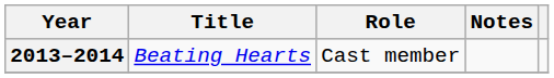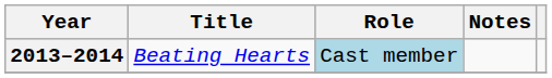 <table class="wikitable sortable plainrowheaders">
 <tr>
 <th scope="col">Year</th>
 <th scope="col">Title</th>
 <th scope="col">Role</th>
 <th scope="col">Notes</th>
 <th scope="col" class="unsortable"></th>
 </tr>
 <tr>
 <th scope="row">2013–2014</th>
 <td><em><a href='#'>Beating Hearts</a></em></td>
-<td>Cast member</td>
+<td style="background: lightblue;">Cast member</td>
 <td></td>
 <td></td>
 </tr>
 <tr>
 </tr>
 </table>
